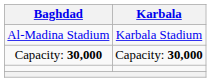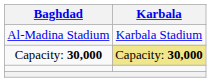 <table class="wikitable" style="text-align:center">
 <tr>
 <th colspan=1> <a href='#'>Baghdad</a></th>
 <th colspan=1> <a href='#'>Karbala</a></th>
 </tr>
 <tr>
 <td><a href='#'>Al-Madina Stadium</a></td>
 <td><a href='#'>Karbala Stadium</a></td>
 </tr>
 <tr>
 <td>Capacity: <strong>30,000</strong></td>
-<td>Capacity: <strong>30,000</strong></td>
+<td style="background: khaki;">Capacity: <strong>30,000</strong></td>
 </tr>
 <tr>
 <td></td>
 <td></td>
 </tr>
 <tr>
 <th rowspan="4" colspan=2></th>
 </tr>
 </table>
